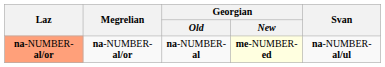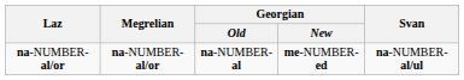 <table class="wikitable" style="text-align:center;">
 <tr>
 <th rowspan="2">Laz</th>
 <th rowspan="2">Megrelian</th>
 <th colspan="2">Georgian</th>
 <th rowspan="2">Svan</th>
 </tr>
 <tr>
 <th><em>Old</em></th>
 <th><em>New</em></th>
 </tr>
 <tr>
-<td style="background: lightsalmon;"><strong>na</strong>-NUMBER-<strong>al/or</strong></td>
+<td><strong>na</strong>-NUMBER-<strong>al/or</strong></td>
 <td><strong>na</strong>-NUMBER-<strong>al/or</strong></td>
 <td><strong>na</strong>-NUMBER-<strong>al</strong></td>
-<td style="background: lightyellow;"><strong>me</strong>-NUMBER-<strong>ed</strong></td>
+<td><strong>me</strong>-NUMBER-<strong>ed</strong></td>
 <td><strong>na</strong>-NUMBER-<strong>al/ul</strong></td>
 </tr>
 </table>
